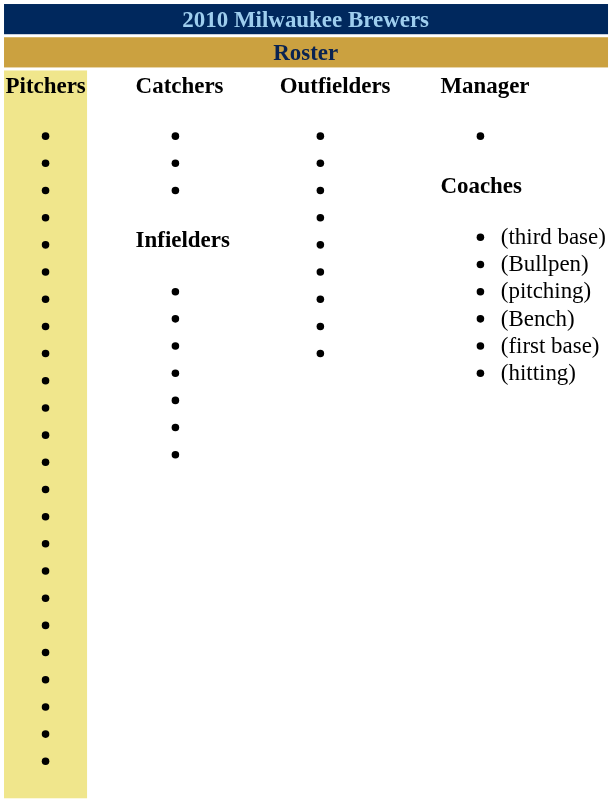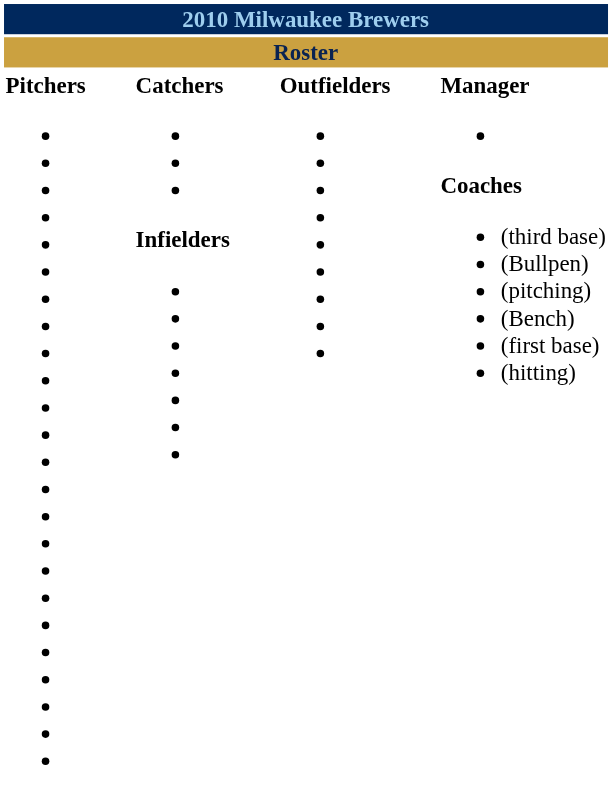 <table class="toccolours" style="font-size: 95%;">
 <tr>
 <th colspan="10" style="background-color: #00285D; color: #9ECEEE; text-align: center;">2010 Milwaukee Brewers</th>
 </tr>
 <tr>
 <td colspan="10" style="background-color: #CBA140; color: #0a2351; text-align: center;"><strong>Roster</strong></td>
 </tr>
 <tr>
-<td valign="top" style="background: khaki;"><strong>Pitchers</strong><br><ul><li></li><li></li><li></li><li></li><li></li><li></li><li></li><li></li><li></li><li></li><li></li><li></li><li></li><li></li><li></li><li></li><li></li><li></li><li></li><li></li><li></li><li></li><li></li><li></li></ul></td>
+<td valign="top"><strong>Pitchers</strong><br><ul><li></li><li></li><li></li><li></li><li></li><li></li><li></li><li></li><li></li><li></li><li></li><li></li><li></li><li></li><li></li><li></li><li></li><li></li><li></li><li></li><li></li><li></li><li></li><li></li></ul></td>
 <td width="25px"></td>
 <td valign="top"><strong>Catchers</strong><br><ul><li></li><li></li><li></li></ul><strong>Infielders</strong><ul><li></li><li></li><li></li><li></li><li></li><li></li><li></li></ul></td>
 <td width="25px"></td>
 <td valign="top"><strong>Outfielders</strong><br><ul><li></li><li></li><li></li><li></li><li></li><li></li><li></li><li></li><li></li></ul></td>
 <td width="25px"></td>
 <td valign="top"><strong>Manager</strong><br><ul><li></li></ul><strong>Coaches</strong><ul><li>  (third base)</li><li> (Bullpen)</li><li>   (pitching)</li><li> (Bench)</li><li> (first base)</li><li> (hitting)</li></ul></td>
 </tr>
 <tr>
 </tr>
 </table>
